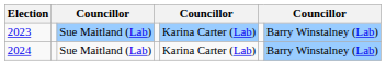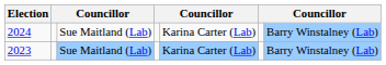 <table class="wikitable">
 <tr>
 <th>Election</th>
 <th colspan="2">Councillor</th>
 <th colspan="2">Councillor</th>
 <th colspan="2">Councillor</th>
+</tr>
+<tr>
+<td><a href='#'>2024</a></td>
+<td style="background-color: "></td>
+<td bgcolor=>Sue Maitland  (<a href='#'>Lab</a>)</td>
+<td style="background-color: "></td>
+<td bgcolor=>Karina Carter (<a href='#'>Lab</a>)</td>
+<td style="background-color: "></td>
+<td bgcolor="#99CCFF">Barry Winstalney (<a href='#'>Lab</a>)</td>
 </tr>
 <tr>
 <td><a href='#'>2023</a></td>
 <td style="background-color: "></td>
 <td bgcolor="#99CCFF">Sue Maitland  (<a href='#'>Lab</a>)</td>
 <td style="background-color: "></td>
 <td bgcolor="#99CCFF">Karina Carter (<a href='#'>Lab</a>)</td>
 <td style="background-color: "></td>
 <td bgcolor="#99CCFF">Barry Winstalney (<a href='#'>Lab</a>)</td>
 </tr>
-<tr>
-<td><a href='#'>2024</a></td>
-<td style="background-color: "></td>
-<td bgcolor=>Sue Maitland  (<a href='#'>Lab</a>)</td>
-<td style="background-color: "></td>
-<td bgcolor=>Karina Carter (<a href='#'>Lab</a>)</td>
-<td style="background-color: "></td>
-<td bgcolor="#99CCFF">Barry Winstalney (<a href='#'>Lab</a>)</td>
-</tr>
 </table>
